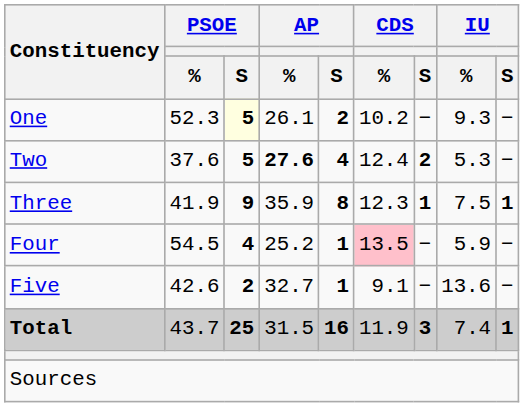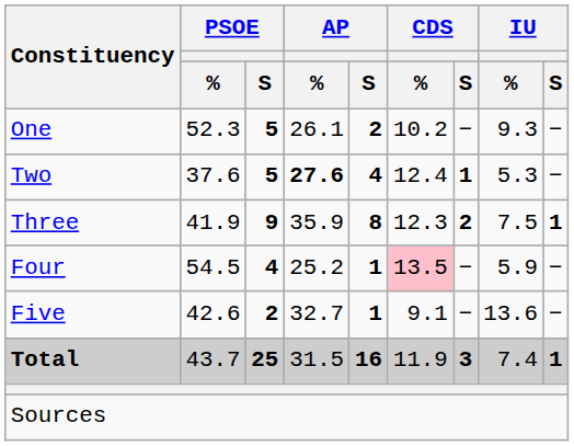 <table class="wikitable sortable" style="text-align:right; line-height:20px;">
 <tr>
 <th rowspan="3">Constituency</th>
 <th colspan="2" width="30px" class="unsortable"><a href='#'>PSOE</a></th>
 <th colspan="2" width="30px" class="unsortable"><a href='#'>AP</a></th>
 <th colspan="2" width="30px" class="unsortable"><a href='#'>CDS</a></th>
 <th colspan="2" width="30px" class="unsortable"><a href='#'>IU</a></th>
 </tr>
 <tr>
 <th colspan="2" style="background:"></th>
 <th colspan="2" style="background:"></th>
 <th colspan="2" style="background:"></th>
 <th colspan="2" style="background:"></th>
 </tr>
 <tr>
 <th data-sort-type="number">%</th>
 <th data-sort-type="number">S</th>
 <th data-sort-type="number">%</th>
 <th data-sort-type="number">S</th>
 <th data-sort-type="number">%</th>
 <th data-sort-type="number">S</th>
 <th data-sort-type="number">%</th>
 <th data-sort-type="number">S</th>
 </tr>
 <tr>
 <td align="left"><a href='#'>One</a></td>
 <td style="background:">52.3</td>
-<td style="background: lightyellow;"><strong>5</strong></td>
+<td><strong>5</strong></td>
 <td>26.1</td>
 <td><strong>2</strong></td>
 <td>10.2</td>
 <td>−</td>
 <td>9.3</td>
 <td>−</td>
 </tr>
 <tr>
 <td align="left"><a href='#'>Two</a></td>
 <td style="background:">37.6</td>
 <td><strong>5</strong></td>
 <td><strong>27.6</strong></td>
 <td><strong>4</strong></td>
 <td>12.4</td>
-<td><strong>2</strong></td>
+<td><strong>1</strong></td>
 <td>5.3</td>
 <td>−</td>
 </tr>
 <tr>
 <td align="left"><a href='#'>Three</a></td>
 <td style="background:">41.9</td>
 <td><strong>9</strong></td>
 <td>35.9</td>
 <td><strong>8</strong></td>
 <td>12.3</td>
-<td><strong>1</strong></td>
+<td><strong>2</strong></td>
 <td>7.5</td>
 <td><strong>1</strong></td>
 </tr>
 <tr>
 <td align="left"><a href='#'>Four</a></td>
 <td style="background:">54.5</td>
 <td><strong>4</strong></td>
 <td>25.2</td>
 <td><strong>1</strong></td>
 <td style="background: pink;">13.5</td>
 <td>−</td>
 <td>5.9</td>
 <td>−</td>
 </tr>
 <tr>
 <td align="left"><a href='#'>Five</a></td>
 <td style="background:">42.6</td>
 <td><strong>2</strong></td>
 <td>32.7</td>
 <td><strong>1</strong></td>
 <td>9.1</td>
 <td>−</td>
 <td>13.6</td>
 <td>−</td>
 </tr>
 <tr style="background:#CDCDCD;">
 <td align="left"><strong>Total</strong></td>
 <td style="background:">43.7</td>
 <td><strong>25</strong></td>
 <td>31.5</td>
 <td><strong>16</strong></td>
 <td>11.9</td>
 <td><strong>3</strong></td>
 <td>7.4</td>
 <td><strong>1</strong></td>
 </tr>
 <tr>
 <th colspan="9" bgcolor="#E9E9E9"></th>
 </tr>
 <tr>
 <th style="text-align:left; font-weight:normal; background:#F9F9F9" colspan="9">Sources</th>
 </tr>
 </table>
